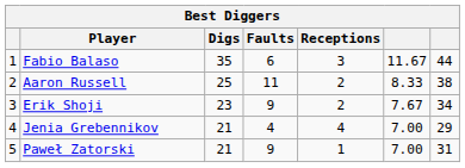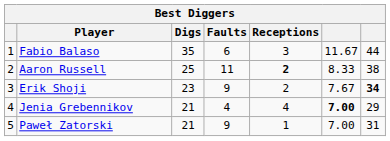 <table class="wikitable sortable" style=font-size:90%>
 <tr>
 <th colspan=7>Best Diggers</th>
 </tr>
 <tr>
 <th></th>
 <th width=158>Player</th>
 <th width=20>Digs</th>
 <th width=20>Faults</th>
 <th width=20>Receptions</th>
 <th width=20></th>
 <th width=20></th>
 </tr>
 <tr>
 <td>1</td>
 <td> <a href='#'>Fabio Balaso</a></td>
 <td align=center>35</td>
 <td align=center>6</td>
 <td align=center>3</td>
 <td align=center>11.67</td>
 <td align=center>44</td>
 </tr>
 <tr>
 <td>2</td>
 <td> <a href='#'>Aaron Russell</a></td>
 <td align=center>25</td>
 <td align=center>11</td>
-<td align=center>2</td>
+<td align=center><strong>2</strong></td>
 <td align=center>8.33</td>
 <td align=center>38</td>
 </tr>
 <tr>
 <td>3</td>
 <td> <a href='#'>Erik Shoji</a></td>
 <td align=center>23</td>
 <td align=center>9</td>
 <td align=center>2</td>
 <td align=center>7.67</td>
-<td align=center>34</td>
+<td align=center><strong>34</strong></td>
 </tr>
 <tr>
 <td>4</td>
 <td> <a href='#'>Jenia Grebennikov</a></td>
 <td align=center>21</td>
 <td align=center>4</td>
 <td align=center>4</td>
-<td align=center>7.00</td>
+<td align=center><strong>7.00</strong></td>
 <td align=center>29</td>
 </tr>
 <tr>
 <td>5</td>
 <td> <a href='#'>Paweł Zatorski</a></td>
 <td align=center>21</td>
 <td align=center>9</td>
 <td align=center>1</td>
 <td align=center>7.00</td>
 <td align=center>31</td>
 </tr>
 </table>
